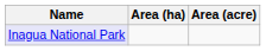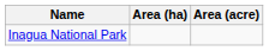 <table class="wikitable sortable">
 <tr>
 <th scope="col" align=left>Name</th>
 <th scope="col">Area (ha)</th>
 <th scope="col">Area (acre)</th>
 </tr>
 <tr ---->
-<td style="background: lavender;"><a href='#'>Inagua National Park</a></td>
+<td><a href='#'>Inagua National Park</a></td>
 <td></td>
 </tr>
 </table>
